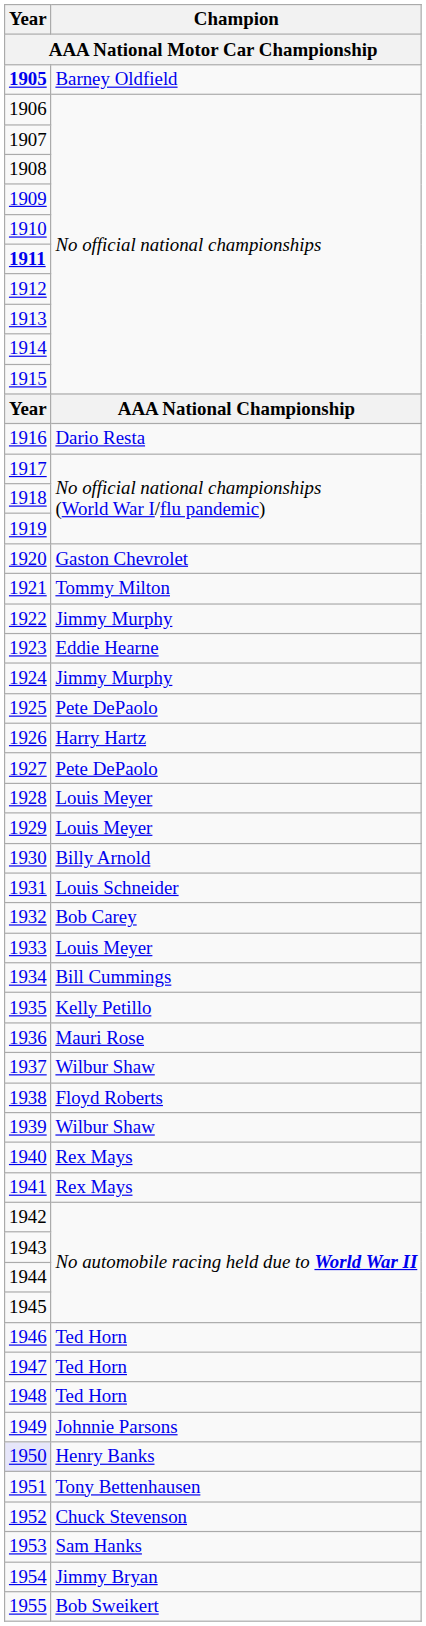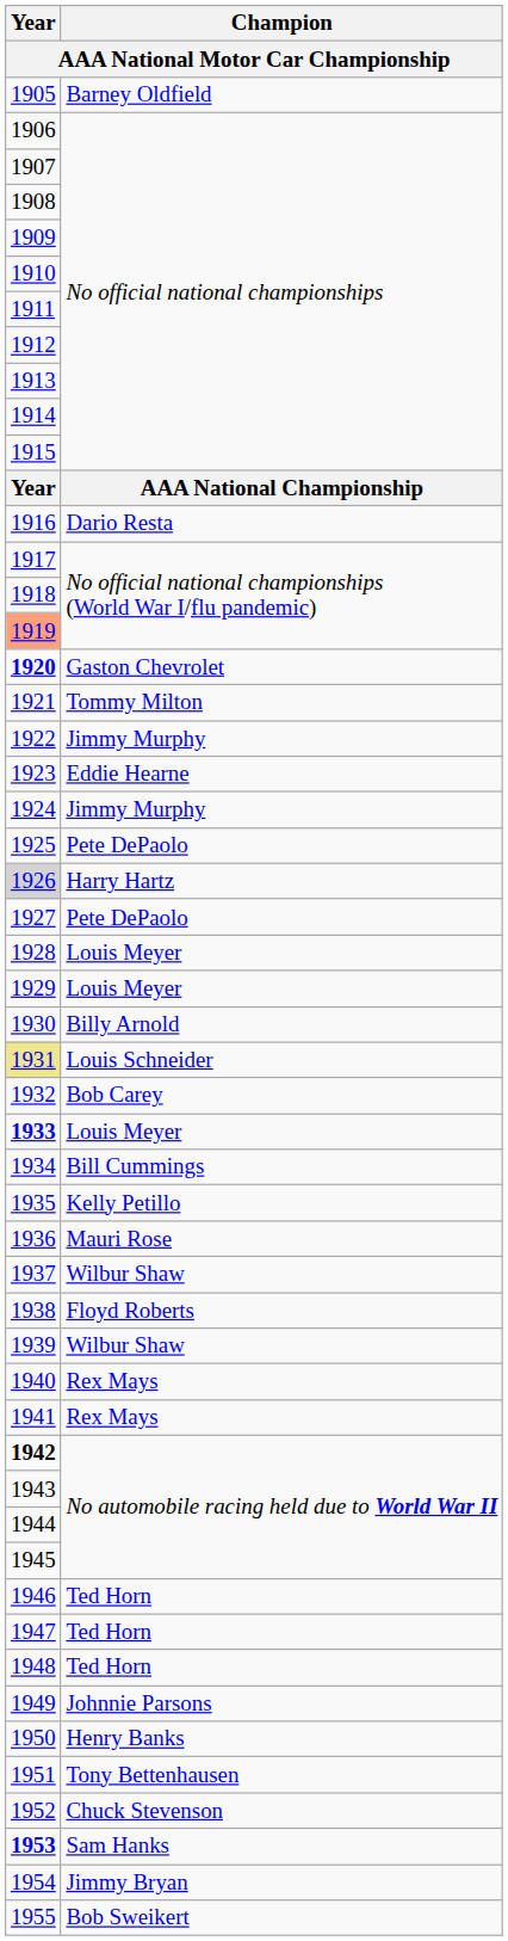 <table class="wikitable">
 <tr>
 <th>Year</th>
 <th colspan=3>Champion</th>
 </tr>
 <tr>
 <th colspan=4>AAA National Motor Car Championship</th>
 </tr>
 <tr>
-<td><strong><a href='#'>1905</a></strong></td>
+<td><a href='#'>1905</a></td>
 <td colspan=3>  <a href='#'>Barney Oldfield</a></td>
 </tr>
 <tr>
 <td>1906</td>
 <td rowspan="10"><em>No official national championships</em></td>
 </tr>
 <tr>
 <td>1907</td>
 </tr>
 <tr>
 <td>1908</td>
 </tr>
 <tr>
 <td><a href='#'>1909</a></td>
 </tr>
 <tr>
 <td><a href='#'>1910</a></td>
 </tr>
 <tr>
-<td><strong><a href='#'>1911</a></strong></td>
+<td><a href='#'>1911</a></td>
 </tr>
 <tr>
 <td><a href='#'>1912</a></td>
 </tr>
 <tr>
 <td><a href='#'>1913</a></td>
 </tr>
 <tr>
 <td><a href='#'>1914</a></td>
 </tr>
 <tr>
 <td><a href='#'>1915</a></td>
 </tr>
 <tr>
 <th>Year</th>
 <th colspan=3>AAA National Championship</th>
 </tr>
 <tr>
 <td><a href='#'>1916</a></td>
 <td colspan=3> <a href='#'>Dario Resta</a></td>
 </tr>
 <tr>
 <td><a href='#'>1917</a></td>
 <td rowspan="3"><em>No official national championships</em><br>(<a href='#'>World War I</a>/<a href='#'>flu pandemic</a>)</td>
 </tr>
 <tr>
 <td><a href='#'>1918</a></td>
 </tr>
 <tr>
-<td><a href='#'>1919</a></td>
+<td style="background: lightsalmon;"><a href='#'>1919</a></td>
 </tr>
 <tr>
-<td><a href='#'>1920</a></td>
+<td><strong><a href='#'>1920</a></strong></td>
 <td colspan=3> <a href='#'>Gaston Chevrolet</a></td>
 </tr>
 <tr>
 <td><a href='#'>1921</a></td>
 <td colspan=3> <a href='#'>Tommy Milton</a></td>
 </tr>
 <tr>
 <td><a href='#'>1922</a></td>
 <td colspan=3> <a href='#'>Jimmy Murphy</a></td>
 </tr>
 <tr>
 <td><a href='#'>1923</a></td>
 <td colspan=3> <a href='#'>Eddie Hearne</a></td>
 </tr>
 <tr>
 <td><a href='#'>1924</a></td>
 <td colspan=3> <a href='#'>Jimmy Murphy</a></td>
 </tr>
 <tr>
 <td><a href='#'>1925</a></td>
 <td colspan=3> <a href='#'>Pete DePaolo</a></td>
 </tr>
 <tr>
-<td><a href='#'>1926</a></td>
+<td style="background: lightgrey;"><a href='#'>1926</a></td>
 <td colspan=3> <a href='#'>Harry Hartz</a></td>
 </tr>
 <tr>
 <td><a href='#'>1927</a></td>
 <td colspan=3> <a href='#'>Pete DePaolo</a></td>
 </tr>
 <tr>
 <td><a href='#'>1928</a></td>
 <td colspan=3> <a href='#'>Louis Meyer</a></td>
 </tr>
 <tr>
 <td><a href='#'>1929</a></td>
 <td colspan=3> <a href='#'>Louis Meyer</a></td>
 </tr>
 <tr>
 <td><a href='#'>1930</a></td>
 <td colspan=3> <a href='#'>Billy Arnold</a></td>
 </tr>
 <tr>
-<td><a href='#'>1931</a></td>
+<td style="background: khaki;"><a href='#'>1931</a></td>
 <td colspan=3> <a href='#'>Louis Schneider</a></td>
 </tr>
 <tr>
 <td><a href='#'>1932</a></td>
 <td colspan=3> <a href='#'>Bob Carey</a></td>
 </tr>
 <tr>
-<td><a href='#'>1933</a></td>
+<td><strong><a href='#'>1933</a></strong></td>
 <td colspan=3> <a href='#'>Louis Meyer</a></td>
 </tr>
 <tr>
 <td><a href='#'>1934</a></td>
 <td colspan=3> <a href='#'>Bill Cummings</a></td>
 </tr>
 <tr>
 <td><a href='#'>1935</a></td>
 <td colspan=3> <a href='#'>Kelly Petillo</a></td>
 </tr>
 <tr>
 <td><a href='#'>1936</a></td>
 <td colspan=3> <a href='#'>Mauri Rose</a></td>
 </tr>
 <tr>
 <td><a href='#'>1937</a></td>
 <td colspan=3> <a href='#'>Wilbur Shaw</a></td>
 </tr>
 <tr>
 <td><a href='#'>1938</a></td>
 <td colspan=3> <a href='#'>Floyd Roberts</a></td>
 </tr>
 <tr>
 <td><a href='#'>1939</a></td>
 <td colspan=3> <a href='#'>Wilbur Shaw</a></td>
 </tr>
 <tr>
 <td><a href='#'>1940</a></td>
 <td colspan=3> <a href='#'>Rex Mays</a></td>
 </tr>
 <tr>
 <td><a href='#'>1941</a></td>
 <td colspan=3> <a href='#'>Rex Mays</a></td>
 </tr>
 <tr>
-<td>1942</td>
+<td><strong>1942</strong></td>
 <td align=center rowspan=4 colspan=3><em>No automobile racing held due to <strong><a href='#'>World War II</a><strong><em></td>
 </tr>
 <tr>
 <td>1943</td>
 </tr>
 <tr>
 <td>1944</td>
 </tr>
 <tr>
 <td>1945</td>
 </tr>
 <tr>
 <td><a href='#'>1946</a></td>
 <td colspan=3> <a href='#'>Ted Horn</a></td>
 </tr>
 <tr>
 <td><a href='#'>1947</a></td>
 <td colspan=3> <a href='#'>Ted Horn</a></td>
 </tr>
 <tr>
 <td><a href='#'>1948</a></td>
 <td colspan=3> <a href='#'>Ted Horn</a></td>
 </tr>
 <tr>
 <td><a href='#'>1949</a></td>
 <td colspan=3> <a href='#'>Johnnie Parsons</a></td>
 </tr>
 <tr>
-<td style="background: lavender;"><a href='#'>1950</a></td>
+<td><a href='#'>1950</a></td>
 <td colspan=3> <a href='#'>Henry Banks</a></td>
 </tr>
 <tr>
 <td><a href='#'>1951</a></td>
 <td colspan=3> <a href='#'>Tony Bettenhausen</a></td>
 </tr>
 <tr>
 <td><a href='#'>1952</a></td>
 <td colspan=3> <a href='#'>Chuck Stevenson</a></td>
 </tr>
 <tr>
-<td><a href='#'>1953</a></td>
+<td><strong><a href='#'>1953</a></strong></td>
 <td colspan=3> <a href='#'>Sam Hanks</a></td>
 </tr>
 <tr>
 <td><a href='#'>1954</a></td>
 <td colspan=3> <a href='#'>Jimmy Bryan</a></td>
 </tr>
 <tr>
 <td><a href='#'>1955</a></td>
 <td colspan=3> <a href='#'>Bob Sweikert</a></td>
 </tr>
 </table>
